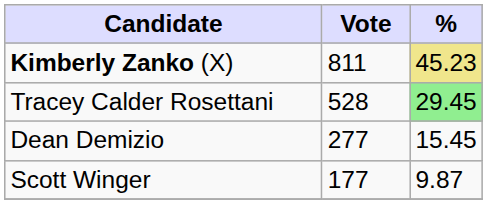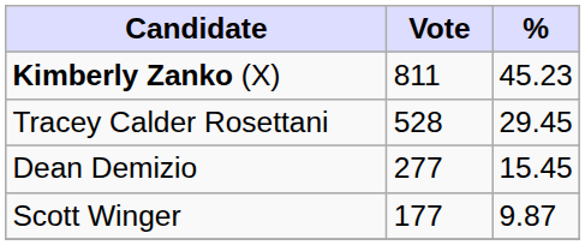 <table class="wikitable">
 <tr>
 <th style="background:#ddf; width:200px;">Candidate</th>
 <th style="background:#ddf; width:50px;">Vote</th>
 <th style="background:#ddf; width:30px;">%</th>
 </tr>
 <tr>
 <td><strong>Kimberly Zanko</strong> (X)</td>
 <td>811</td>
-<td style="background: khaki;">45.23</td>
+<td>45.23</td>
 </tr>
 <tr>
 <td>Tracey Calder Rosettani</td>
 <td>528</td>
-<td style="background: lightgreen;">29.45</td>
+<td>29.45</td>
 </tr>
 <tr>
 <td>Dean Demizio</td>
 <td>277</td>
 <td>15.45</td>
 </tr>
 <tr>
 <td>Scott Winger</td>
 <td>177</td>
 <td>9.87</td>
 </tr>
 <tr>
 </tr>
 </table>
